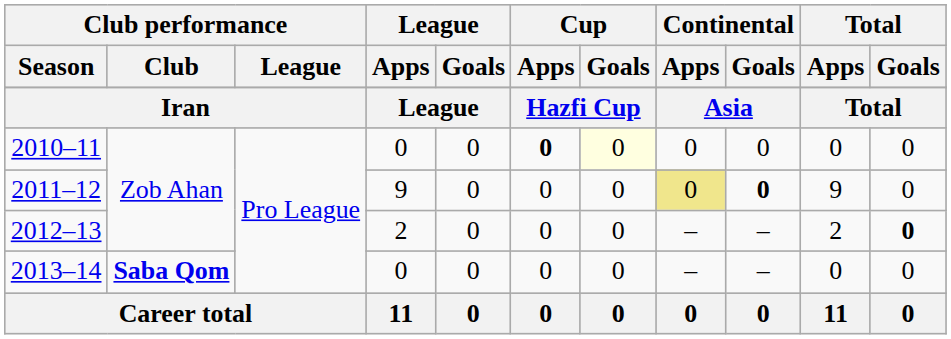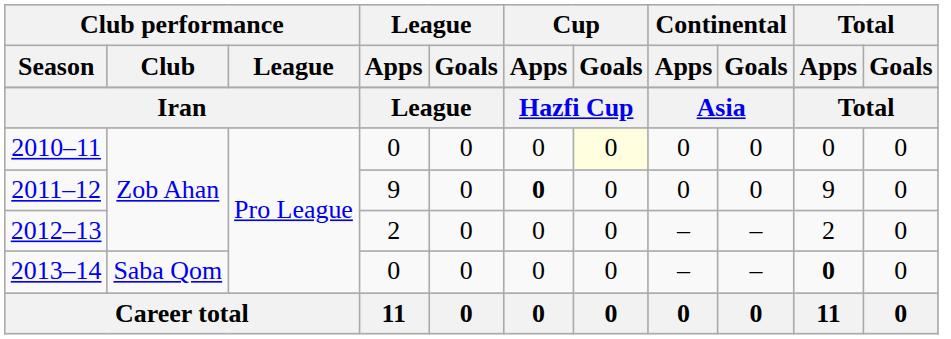 <table class="wikitable" style="text-align:center">
 <tr>
 <th colspan=3>Club performance</th>
 <th colspan=2>League</th>
 <th colspan=2>Cup</th>
 <th colspan=2>Continental</th>
 <th colspan=2>Total</th>
 </tr>
 <tr>
 <th>Season</th>
 <th>Club</th>
 <th>League</th>
 <th>Apps</th>
 <th>Goals</th>
 <th>Apps</th>
 <th>Goals</th>
 <th>Apps</th>
 <th>Goals</th>
 <th>Apps</th>
 <th>Goals</th>
 </tr>
 <tr>
 </tr>
 <tr>
 <th colspan=3>Iran</th>
 <th colspan=2>League</th>
 <th colspan=2><a href='#'>Hazfi Cup</a></th>
 <th colspan=2><a href='#'>Asia</a></th>
 <th colspan=2>Total</th>
 </tr>
 <tr>
 <td><a href='#'>2010–11</a></td>
 <td rowspan="3"><a href='#'>Zob Ahan</a></td>
 <td rowspan="4"><a href='#'>Pro League</a></td>
 <td>0</td>
 <td>0</td>
-<td><strong>0</strong></td>
+<td>0</td>
 <td style="background: lightyellow;">0</td>
 <td>0</td>
 <td>0</td>
 <td>0</td>
 <td>0</td>
 </tr>
 <tr>
 <td><a href='#'>2011–12</a></td>
 <td>9</td>
 <td>0</td>
+<td><strong>0</strong></td>
 <td>0</td>
 <td>0</td>
-<td style="background: khaki;">0</td>
-<td><strong>0</strong></td>
+<td>0</td>
 <td>9</td>
 <td>0</td>
 </tr>
 <tr>
 <td><a href='#'>2012–13</a></td>
 <td>2</td>
 <td>0</td>
 <td>0</td>
 <td>0</td>
 <td>–</td>
 <td>–</td>
 <td>2</td>
-<td><strong>0</strong></td>
+<td>0</td>
 </tr>
 <tr>
 <td><a href='#'>2013–14</a></td>
-<td><strong><a href='#'>Saba Qom</a></strong></td>
+<td><a href='#'>Saba Qom</a></td>
 <td>0</td>
 <td>0</td>
 <td>0</td>
 <td>0</td>
 <td>–</td>
 <td>–</td>
-<td>0</td>
+<td><strong>0</strong></td>
 <td>0</td>
 </tr>
 <tr>
 <th colspan=3>Career total</th>
 <th>11</th>
 <th>0</th>
 <th>0</th>
 <th>0</th>
 <th>0</th>
 <th>0</th>
 <th>11</th>
 <th>0</th>
 </tr>
 </table>
